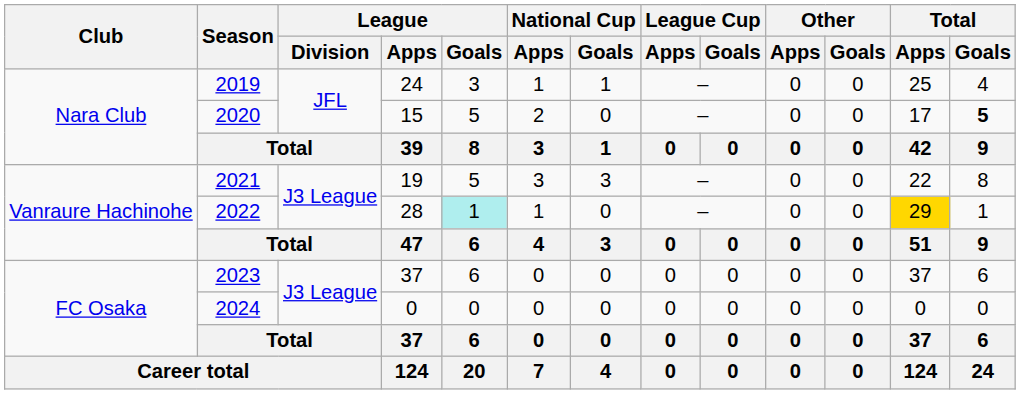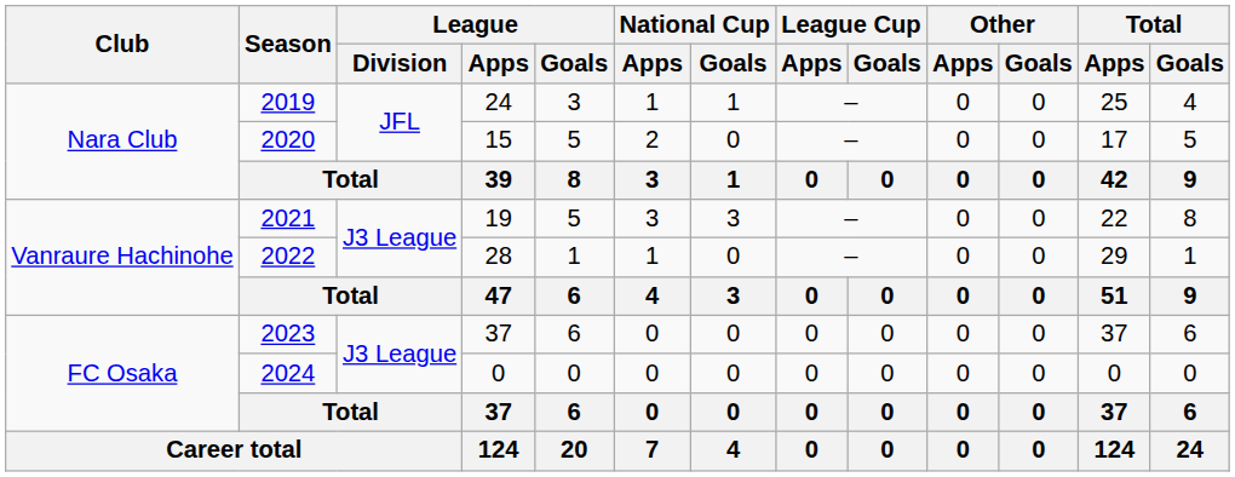 <table class="wikitable" style="text-align: center">
 <tr>
 <th rowspan="2">Club</th>
 <th rowspan="2">Season</th>
 <th colspan="3">League</th>
 <th colspan="2">National Cup</th>
 <th colspan="2">League Cup</th>
 <th colspan="2">Other</th>
 <th colspan="2">Total</th>
 </tr>
 <tr>
 <th>Division</th>
 <th>Apps</th>
 <th>Goals</th>
 <th>Apps</th>
 <th>Goals</th>
 <th>Apps</th>
 <th>Goals</th>
 <th>Apps</th>
 <th>Goals</th>
 <th>Apps</th>
 <th>Goals</th>
 </tr>
 <tr>
 <td rowspan="3"><a href='#'>Nara Club</a></td>
 <td><a href='#'>2019</a></td>
 <td rowspan="2"><a href='#'>JFL</a></td>
 <td>24</td>
 <td>3</td>
 <td>1</td>
 <td>1</td>
 <td colspan="2">–</td>
 <td>0</td>
 <td>0</td>
 <td>25</td>
 <td>4</td>
 </tr>
 <tr>
 <td><a href='#'>2020</a></td>
 <td>15</td>
 <td>5</td>
 <td>2</td>
 <td>0</td>
 <td colspan="2">–</td>
 <td>0</td>
 <td>0</td>
 <td>17</td>
-<td><strong>5</strong></td>
+<td>5</td>
 </tr>
 <tr>
 <th colspan=2>Total</th>
 <th>39</th>
 <th>8</th>
 <th>3</th>
 <th>1</th>
 <th>0</th>
 <th>0</th>
 <th>0</th>
 <th>0</th>
 <th>42</th>
 <th>9</th>
 </tr>
 <tr>
 <td rowspan="3"><a href='#'>Vanraure Hachinohe</a></td>
 <td><a href='#'>2021</a></td>
 <td rowspan="2"><a href='#'>J3 League</a></td>
 <td>19</td>
 <td>5</td>
 <td>3</td>
 <td>3</td>
 <td colspan="2">–</td>
 <td>0</td>
 <td>0</td>
 <td>22</td>
 <td>8</td>
 </tr>
 <tr>
 <td><a href='#'>2022</a></td>
 <td>28</td>
-<td style="background: paleturquoise;">1</td>
+<td>1</td>
 <td>1</td>
 <td>0</td>
 <td colspan="2">–</td>
 <td>0</td>
 <td>0</td>
-<td style="background: gold;">29</td>
+<td>29</td>
 <td>1</td>
 </tr>
 <tr>
 <th colspan=2>Total</th>
 <th>47</th>
 <th>6</th>
 <th>4</th>
 <th>3</th>
 <th>0</th>
 <th>0</th>
 <th>0</th>
 <th>0</th>
 <th>51</th>
 <th>9</th>
 </tr>
 <tr>
 <td rowspan="3"><a href='#'>FC Osaka</a></td>
 <td><a href='#'>2023</a></td>
 <td rowspan="2"><a href='#'>J3 League</a></td>
 <td>37</td>
 <td>6</td>
 <td>0</td>
 <td>0</td>
 <td>0</td>
 <td>0</td>
 <td>0</td>
 <td>0</td>
 <td>37</td>
 <td>6</td>
 </tr>
 <tr>
 <td><a href='#'>2024</a></td>
 <td>0</td>
 <td>0</td>
 <td>0</td>
 <td>0</td>
 <td>0</td>
 <td>0</td>
 <td>0</td>
 <td>0</td>
 <td>0</td>
 <td>0</td>
 </tr>
 <tr>
 <th colspan=2>Total</th>
 <th>37</th>
 <th>6</th>
 <th>0</th>
 <th>0</th>
 <th>0</th>
 <th>0</th>
 <th>0</th>
 <th>0</th>
 <th>37</th>
 <th>6</th>
 </tr>
 <tr>
 <th colspan=3>Career total</th>
 <th>124</th>
 <th>20</th>
 <th>7</th>
 <th>4</th>
 <th>0</th>
 <th>0</th>
 <th>0</th>
 <th>0</th>
 <th>124</th>
 <th>24</th>
 </tr>
 </table>
